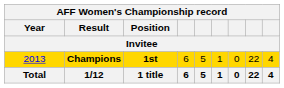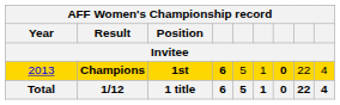 <table class="wikitable" style="text-align: center;">
 <tr>
 <th colspan=9>AFF Women's Championship record</th>
 </tr>
 <tr>
 <th width="90">Year</th>
 <th width="80">Result</th>
 <th width="80">Position</th>
 <th width="20"></th>
 <th width="20"></th>
 <th width="20"></th>
 <th width="20"></th>
 <th width="20"></th>
 <th width="20"></th>
 </tr>
 <tr>
 <th colspan=9>Invitee</th>
 </tr>
 <tr style="background:gold;">
 <td> <a href='#'>2013</a></td>
 <td><strong>Champions</strong></td>
 <td><strong>1st</strong></td>
-<td>6</td>
+<td><strong>6</strong></td>
 <td>5</td>
 <td>1</td>
-<td>0</td>
+<td><strong>0</strong></td>
 <td>22</td>
 <td>4</td>
 </tr>
 <tr>
 <th>Total</th>
 <th>1/12</th>
 <th>1 title</th>
 <th>6</th>
 <th>5</th>
 <th>1</th>
 <th>0</th>
 <th>22</th>
 <th>4</th>
 </tr>
 </table>
